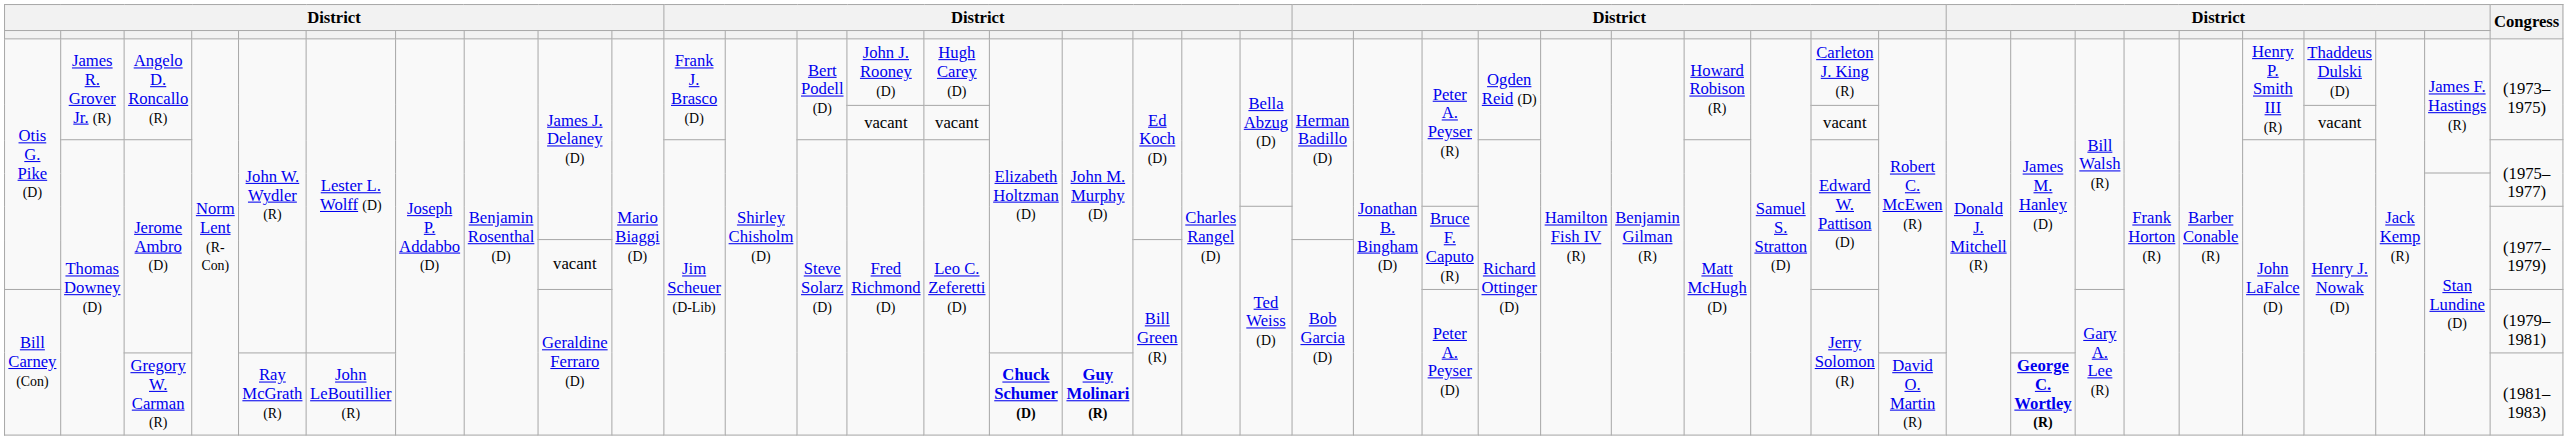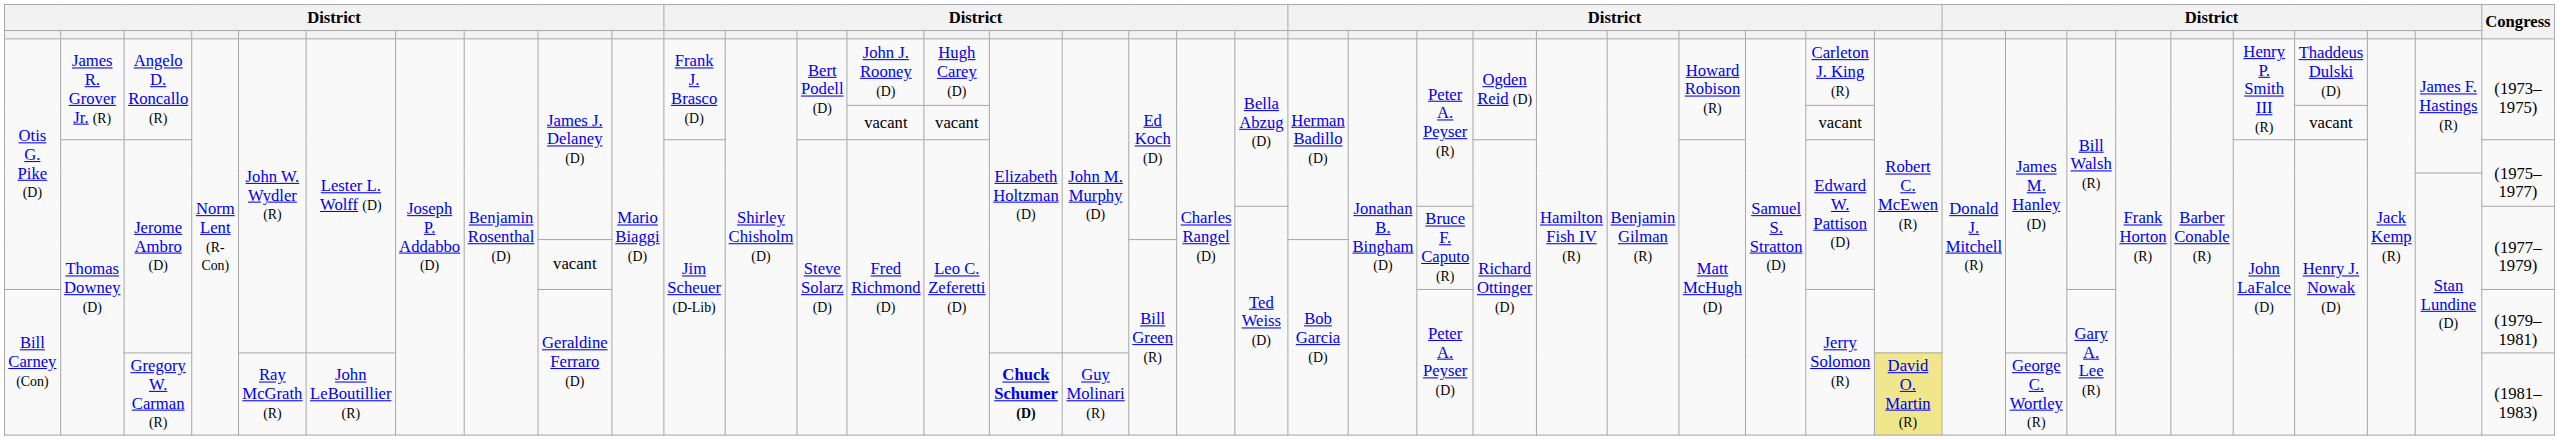 <table class=wikitable style="text-align:center">
 <tr>
 <th colspan=10>District</th>
 <th colspan=10>District</th>
 <th colspan=10>District</th>
 <th colspan=9>District</th>
 <th rowspan=2>Congress</th>
 </tr>
 <tr>
 <th></th>
 <th></th>
 <th></th>
 <th></th>
 <th></th>
 <th></th>
 <th></th>
 <th></th>
 <th></th>
 <th></th>
 <th></th>
 <th></th>
 <th></th>
 <th></th>
 <th></th>
 <th></th>
 <th></th>
 <th></th>
 <th></th>
 <th></th>
 <th></th>
 <th></th>
 <th></th>
 <th></th>
 <th></th>
 <th></th>
 <th></th>
 <th></th>
 <th></th>
 <th></th>
 <th></th>
 <th></th>
 <th></th>
 <th></th>
 <th></th>
 <th></th>
 <th></th>
 <th></th>
 <th></th>
 </tr>
 <tr style="height:2em">
 <td rowspan=6 ><a href='#'>Otis<br>G.<br>Pike</a><br><small>(D)</small></td>
 <td rowspan=2 ><a href='#'>James R.<br>Grover<br>Jr.</a> <small>(R)</small></td>
 <td rowspan=2 ><a href='#'>Angelo D.<br>Roncallo</a><br><small>(R)</small></td>
 <td rowspan=8 ><a href='#'>Norm<br>Lent</a><br><small>(R-Con)</small></td>
 <td rowspan=7 ><a href='#'>John W.<br>Wydler</a><br><small>(R)</small></td>
 <td rowspan=7 ><a href='#'>Lester L.<br>Wolff</a> <small>(D)</small></td>
 <td rowspan=8 ><a href='#'>Joseph P.<br>Addabbo</a><br><small>(D)</small></td>
 <td rowspan=8 ><a href='#'>Benjamin<br>Rosenthal</a><br><small>(D)</small></td>
 <td rowspan=5 ><a href='#'>James J.<br>Delaney</a><br><small>(D)</small></td>
 <td rowspan=8 ><a href='#'>Mario<br>Biaggi</a><br><small>(D)</small></td>
 <td rowspan=2 ><a href='#'>Frank J.<br>Brasco</a><br><small>(D)</small></td>
 <td rowspan=8 ><a href='#'>Shirley<br>Chisholm</a><br><small>(D)</small></td>
 <td rowspan=2 ><a href='#'>Bert<br>Podell</a><br><small>(D)</small></td>
 <td><a href='#'>John J.<br>Rooney</a> <small>(D)</small></td>
 <td><a href='#'>Hugh<br>Carey</a> <small>(D)</small></td>
 <td rowspan=7 ><a href='#'>Elizabeth<br>Holtzman</a><br><small>(D)</small></td>
 <td rowspan=7 ><a href='#'>John M.<br>Murphy</a> <small>(D)</small></td>
 <td rowspan=5 ><a href='#'>Ed<br>Koch</a><br><small>(D)</small></td>
 <td rowspan=8 ><a href='#'>Charles<br>Rangel</a><br><small>(D)</small></td>
 <td rowspan=4 ><a href='#'>Bella<br>Abzug</a><br><small>(D)</small></td>
 <td rowspan=5 ><a href='#'>Herman<br>Badillo</a><br><small>(D)</small></td>
 <td rowspan=8 ><a href='#'>Jonathan<br>B.<br>Bingham</a><br><small>(D)</small></td>
 <td rowspan=4 ><a href='#'>Peter A.<br>Peyser</a><br><small>(R)</small></td>
 <td rowspan=2 ><a href='#'>Ogden<br>Reid</a> <small>(D)</small></td>
 <td rowspan=8 ><a href='#'>Hamilton<br>Fish IV</a><br><small>(R)</small></td>
 <td rowspan=8 ><a href='#'>Benjamin<br>Gilman</a><br><small>(R)</small></td>
 <td rowspan=2 ><a href='#'>Howard<br>Robison</a><br><small>(R)</small></td>
 <td rowspan=8 ><a href='#'>Samuel<br>S.<br>Stratton</a><br><small>(D)</small></td>
 <td><a href='#'>Carleton<br>J. King</a> <small>(R)</small></td>
 <td rowspan=7 ><a href='#'>Robert C.<br>McEwen</a><br><small>(R)</small></td>
 <td rowspan=8 ><a href='#'>Donald<br>J.<br>Mitchell</a><br><small>(R)</small></td>
 <td rowspan=7 ><a href='#'>James M.<br>Hanley</a><br><small>(D)</small></td>
 <td rowspan=6 ><a href='#'>Bill<br>Walsh</a><br><small>(R)</small></td>
 <td rowspan=8 ><a href='#'>Frank<br>Horton</a><br><small>(R)</small></td>
 <td rowspan=8 ><a href='#'>Barber<br>Conable</a><br><small>(R)</small></td>
 <td rowspan=2 ><a href='#'>Henry P.<br>Smith III</a><br><small>(R)</small></td>
 <td><a href='#'>Thaddeus<br>Dulski</a> <small>(D)</small></td>
 <td rowspan=8 ><a href='#'>Jack<br>Kemp</a><br><small>(R)</small></td>
 <td rowspan=3 ><a href='#'>James F.<br>Hastings</a><br><small>(R)</small></td>
 <td rowspan=2><strong></strong><br>(1973–1975)</td>
 </tr>
 <tr style="height:2em">
 <td>vacant</td>
 <td>vacant</td>
 <td>vacant</td>
 <td>vacant</td>
 </tr>
 <tr style="height:2em">
 <td rowspan=6 ><a href='#'>Thomas<br>Downey</a><br><small>(D)</small></td>
 <td rowspan=5 ><a href='#'>Jerome<br>Ambro</a> <small>(D)</small></td>
 <td rowspan=6 ><a href='#'>Jim<br>Scheuer</a><br><small>(D-Lib)</small></td>
 <td rowspan=6 ><a href='#'>Steve<br>Solarz</a><br><small>(D)</small></td>
 <td rowspan=6 ><a href='#'>Fred<br>Richmond</a><br><small>(D)</small></td>
 <td rowspan=6 ><a href='#'>Leo C.<br>Zeferetti</a><br><small>(D)</small></td>
 <td rowspan=6 ><a href='#'>Richard<br>Ottinger</a><br><small>(D)</small></td>
 <td rowspan=6 ><a href='#'>Matt<br>McHugh</a><br><small>(D)</small></td>
 <td rowspan=4 ><a href='#'>Edward<br>W.<br>Pattison</a><br><small>(D)</small></td>
 <td rowspan=6 ><a href='#'>John<br>LaFalce</a><br><small>(D)</small></td>
 <td rowspan=6 ><a href='#'>Henry J.<br>Nowak</a><br><small>(D)</small></td>
 <td rowspan=2><strong></strong><br>(1975–1977)</td>
 </tr>
 <tr style="height:2em">
 <td rowspan=5 ><a href='#'>Stan<br>Lundine</a><br><small>(D)</small></td>
 </tr>
 <tr style="height:2em">
 <td rowspan=4 ><a href='#'>Ted<br>Weiss</a><br><small>(D)</small></td>
 <td rowspan=2 ><a href='#'>Bruce F.<br>Caputo</a> <small>(R)</small></td>
 <td rowspan=2><strong></strong><br>(1977–1979)</td>
 </tr>
 <tr style="height:2em">
 <td>vacant</td>
 <td rowspan=3 ><a href='#'>Bill<br>Green</a><br><small>(R)</small></td>
 <td rowspan=3 ><a href='#'>Bob<br>Garcia</a><br><small>(D)</small></td>
 </tr>
 <tr style="height:2em">
 <td rowspan=2 ><a href='#'>Bill<br>Carney</a><br><small>(Con)</small></td>
 <td rowspan=2 ><a href='#'>Geraldine<br>Ferraro</a><br><small>(D)</small></td>
 <td rowspan=2 ><a href='#'>Peter A.<br>Peyser</a><br><small>(D)</small></td>
 <td rowspan=2 ><a href='#'>Jerry<br>Solomon</a><br><small>(R)</small></td>
 <td rowspan=2 ><a href='#'>Gary A.<br>Lee</a> <small>(R)</small></td>
 <td><strong></strong><br>(1979–1981)</td>
 </tr>
 <tr style="height:2em">
 <td><a href='#'>Gregory W.<br>Carman</a> <small>(R)</small></td>
 <td><a href='#'>Ray<br>McGrath</a> <small>(R)</small></td>
 <td><a href='#'>John<br>LeBoutillier</a> <small>(R)</small></td>
 <td><strong><a href='#'>Chuck<br>Schumer</a> <small>(D)</small></strong></td>
-<td><strong><a href='#'>Guy<br>Molinari</a> <small>(R)</small></strong></td>
-<td><a href='#'>David O.<br>Martin</a> <small>(R)</small></td>
-<td><strong><a href='#'>George C.<br>Wortley</a> <small>(R)</small></strong></td>
+<td><a href='#'>Guy<br>Molinari</a> <small>(R)</small></td>
+<td style="background: khaki;"><a href='#'>David O.<br>Martin</a> <small>(R)</small></td>
+<td><a href='#'>George C.<br>Wortley</a> <small>(R)</small></td>
 <td><strong></strong><br>(1981–1983)</td>
 </tr>
 </table>
